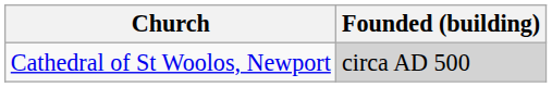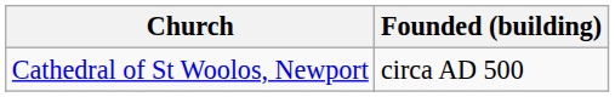 <table class="wikitable">
 <tr>
 <th>Church</th>
 <th>Founded (building)</th>
 </tr>
 <tr>
 <td><a href='#'>Cathedral of St Woolos, Newport</a></td>
-<td style="background: lightgrey;">circa AD 500</td>
+<td>circa AD 500</td>
 </tr>
 </table>
